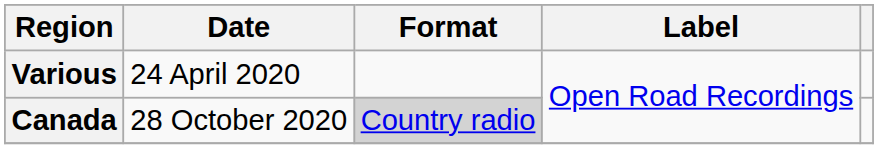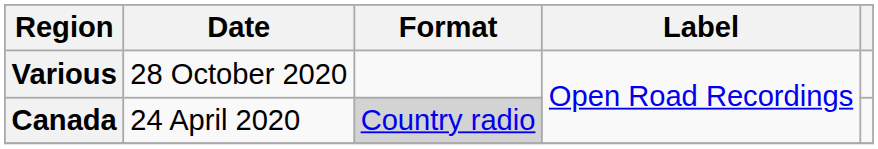 <table class="wikitable plainrowheaders">
 <tr>
 <th>Region</th>
 <th>Date</th>
 <th>Format</th>
 <th>Label</th>
 <th></th>
 </tr>
 <tr>
 <th scope="row">Various</th>
-<td>24 April 2020</td>
+<td>28 October 2020</td>
 <td></td>
 <td rowspan="2'"><a href='#'>Open Road Recordings</a></td>
 <td></td>
 </tr>
 <tr>
 <th scope="row">Canada</th>
-<td>28 October 2020</td>
+<td>24 April 2020</td>
 <td style="background: lightgrey;"><a href='#'>Country radio</a></td>
 <td></td>
 </tr>
 <tr>
 </tr>
 </table>
